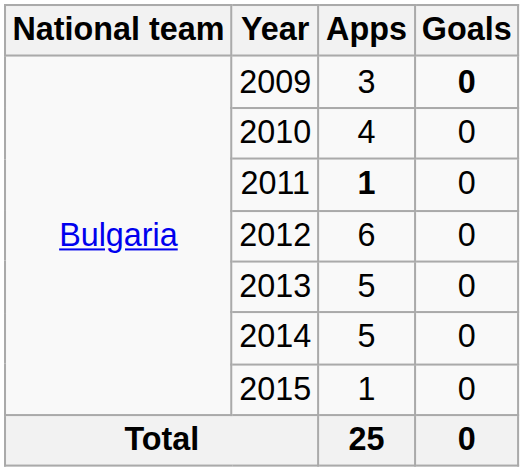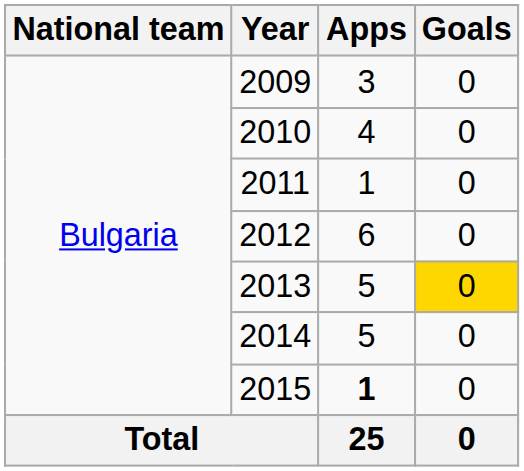 <table class="wikitable" style="text-align:center">
 <tr>
 <th>National team</th>
 <th>Year</th>
 <th>Apps</th>
 <th>Goals</th>
 </tr>
 <tr>
 <td rowspan="7"><a href='#'>Bulgaria</a></td>
 <td>2009</td>
 <td>3</td>
-<td><strong>0</strong></td>
+<td>0</td>
 </tr>
 <tr>
 <td>2010</td>
 <td>4</td>
 <td>0</td>
 </tr>
 <tr>
 <td>2011</td>
-<td><strong>1</strong></td>
+<td>1</td>
 <td>0</td>
 </tr>
 <tr>
 <td>2012</td>
 <td>6</td>
 <td>0</td>
 </tr>
 <tr>
 <td>2013</td>
 <td>5</td>
-<td>0</td>
+<td style="background: gold;">0</td>
 </tr>
 <tr>
 <td>2014</td>
 <td>5</td>
 <td>0</td>
 </tr>
 <tr>
 <td>2015</td>
-<td>1</td>
+<td><strong>1</strong></td>
 <td>0</td>
 </tr>
 <tr>
 <th colspan="2">Total</th>
 <th>25</th>
 <th>0</th>
 </tr>
 </table>
